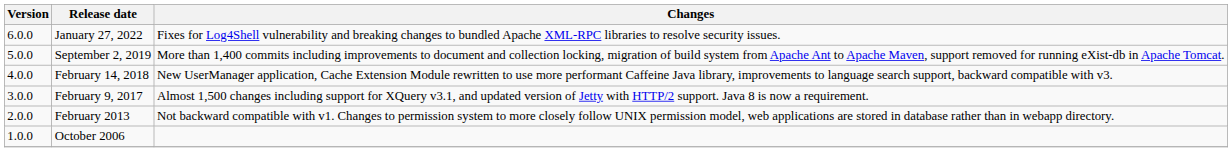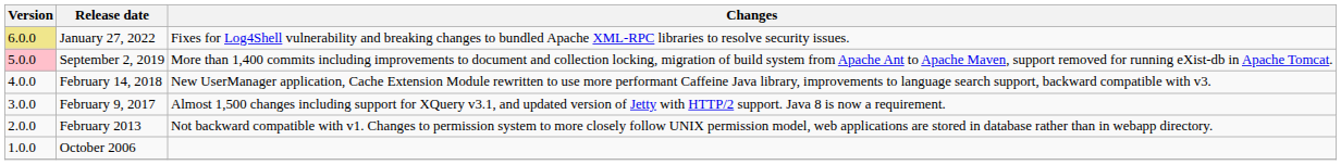 <table class=wikitable>
 <tr>
 <th>Version</th>
 <th>Release date</th>
 <th>Changes</th>
 </tr>
 <tr>
-<td>6.0.0</td>
+<td style="background: khaki;">6.0.0</td>
 <td>January 27, 2022</td>
 <td>Fixes for <a href='#'>Log4Shell</a> vulnerability and breaking changes to bundled Apache <a href='#'>XML-RPC</a> libraries to resolve security issues.</td>
 </tr>
 <tr>
-<td>5.0.0</td>
+<td style="background: pink;">5.0.0</td>
 <td>September 2, 2019</td>
 <td>More than 1,400 commits including improvements to document and collection locking, migration of build system from <a href='#'>Apache Ant</a> to <a href='#'>Apache Maven</a>, support removed for running eXist-db in <a href='#'>Apache Tomcat</a>.</td>
 </tr>
 <tr>
 <td>4.0.0</td>
 <td>February 14, 2018</td>
 <td>New UserManager application, Cache Extension Module rewritten to use more performant Caffeine Java library, improvements to language search support, backward compatible with v3.</td>
 </tr>
 <tr>
 <td>3.0.0</td>
 <td>February 9, 2017</td>
 <td>Almost 1,500 changes including support for XQuery v3.1, and updated version of <a href='#'>Jetty</a> with <a href='#'>HTTP/2</a> support. Java 8 is now a requirement.</td>
 </tr>
 <tr>
 <td>2.0.0</td>
 <td>February 2013</td>
 <td>Not backward compatible with v1. Changes to permission system to more closely follow UNIX permission model, web applications are stored in database rather than in webapp directory.</td>
 </tr>
 <tr>
 <td>1.0.0</td>
 <td>October 2006</td>
 <td></td>
 </tr>
 <tr>
 </tr>
 </table>
